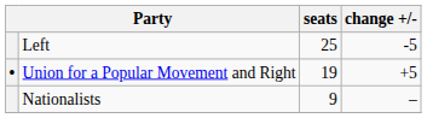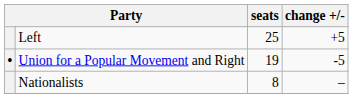 <table class="wikitable" style="font-size: 95%;">
 <tr>
 <th colspan=2>Party</th>
 <th>seats</th>
 <th>change +/-</th>
 </tr>
 <tr>
 <th style="background-color: "></th>
 <td>Left</td>
 <td align="right">25</td>
-<td align="right">-5</td>
+<td align="right">+5</td>
 </tr>
 <tr>
 <th style="background-color: "><span>•</span></th>
 <td><a href='#'>Union for a Popular Movement</a> and Right</td>
 <td align="right">19</td>
-<td align="right">+5</td>
+<td align="right">-5</td>
 </tr>
 <tr>
 <th style="background-color: "></th>
 <td>Nationalists</td>
-<td align="right">9</td>
+<td align="right">8</td>
 <td align="right">–</td>
 </tr>
 <tr>
 </tr>
 </table>
